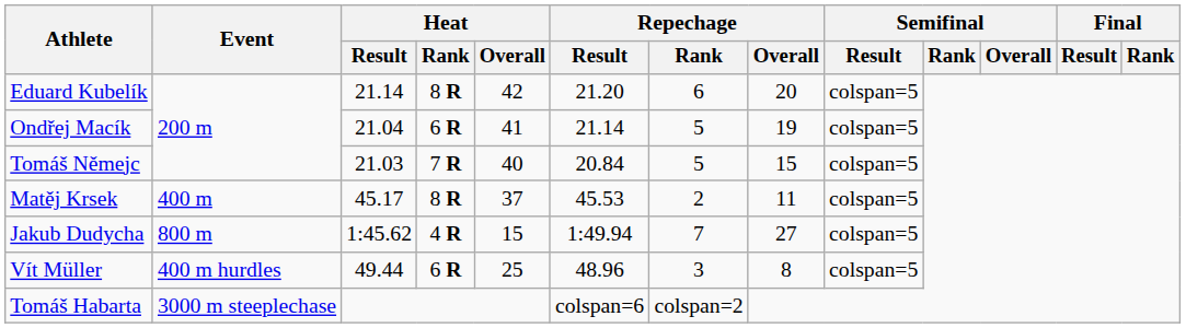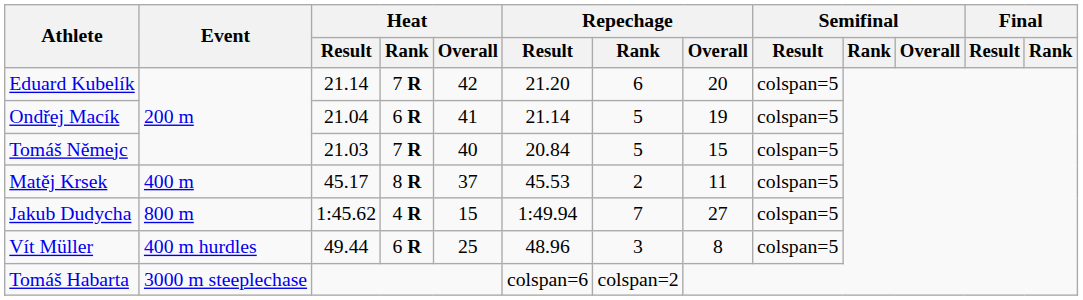 <table class="wikitable" style="font-size:90%">
 <tr>
 <th rowspan="2">Athlete</th>
 <th rowspan="2">Event</th>
 <th colspan="3">Heat</th>
 <th colspan="3">Repechage</th>
 <th colspan="3">Semifinal</th>
 <th colspan="2">Final</th>
 </tr>
 <tr style="font-size:95%">
 <th>Result</th>
 <th>Rank</th>
 <th>Overall</th>
 <th>Result</th>
 <th>Rank</th>
 <th>Overall</th>
 <th>Result</th>
 <th>Rank</th>
 <th>Overall</th>
 <th>Result</th>
 <th>Rank</th>
 </tr>
 <tr align=center>
 <td align=left><a href='#'>Eduard Kubelík</a></td>
 <td align=left rowspan="3"><a href='#'>200 m</a></td>
 <td>21.14</td>
-<td>8 <strong>R</strong></td>
+<td>7 <strong>R</strong></td>
 <td>42</td>
 <td>21.20</td>
 <td>6</td>
 <td>20</td>
 <td>colspan=5 </td>
 </tr>
 <tr align="center">
 <td align="left"><a href='#'>Ondřej Macík</a></td>
 <td>21.04</td>
 <td>6 <strong>R</strong></td>
 <td>41</td>
 <td>21.14</td>
 <td>5</td>
 <td>19</td>
 <td>colspan=5 </td>
 </tr>
 <tr align="center">
 <td align="left"><a href='#'>Tomáš Němejc</a></td>
 <td>21.03</td>
 <td>7 <strong>R</strong></td>
 <td>40</td>
 <td>20.84</td>
 <td>5</td>
 <td>15</td>
 <td>colspan=5 </td>
 </tr>
 <tr align=center>
 <td align=left><a href='#'>Matěj Krsek</a></td>
 <td align=left><a href='#'>400 m</a></td>
 <td>45.17</td>
 <td>8 <strong>R</strong></td>
 <td>37</td>
 <td>45.53 <strong></strong></td>
 <td>2</td>
 <td>11</td>
 <td>colspan=5 </td>
 </tr>
 <tr align=center>
 <td align=left><a href='#'>Jakub Dudycha</a></td>
 <td align=left><a href='#'>800 m</a></td>
 <td>1:45.62</td>
 <td>4 <strong>R</strong></td>
 <td>15</td>
 <td>1:49.94</td>
 <td>7</td>
 <td>27</td>
 <td>colspan=5 </td>
 </tr>
 <tr align=center>
 <td align=left><a href='#'>Vít Müller</a></td>
 <td align=left><a href='#'>400 m hurdles</a></td>
 <td>49.44</td>
 <td>6 <strong>R</strong></td>
 <td>25</td>
 <td>48.96</td>
 <td>3</td>
 <td>8</td>
 <td>colspan=5 </td>
 </tr>
 <tr align=center>
 <td align=left><a href='#'>Tomáš Habarta</a></td>
 <td align=left><a href='#'>3000 m steeplechase</a></td>
 <td colspan=3></td>
 <td>colspan=6 </td>
 <td>colspan=2 </td>
 </tr>
 </table>
